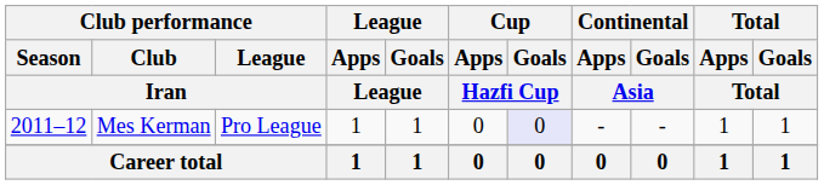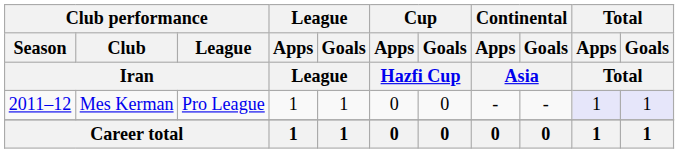 <table class="wikitable" style="text-align:center">
 <tr>
 <th colspan=3>Club performance</th>
 <th colspan=2>League</th>
 <th colspan=2>Cup</th>
 <th colspan=2>Continental</th>
 <th colspan=2>Total</th>
 </tr>
 <tr>
 <th>Season</th>
 <th>Club</th>
 <th>League</th>
 <th>Apps</th>
 <th>Goals</th>
 <th>Apps</th>
 <th>Goals</th>
 <th>Apps</th>
 <th>Goals</th>
 <th>Apps</th>
 <th>Goals</th>
 </tr>
 <tr>
 <th colspan=3>Iran</th>
 <th colspan=2>League</th>
 <th colspan=2><a href='#'>Hazfi Cup</a></th>
 <th colspan=2><a href='#'>Asia</a></th>
 <th colspan=2>Total</th>
 </tr>
 <tr>
 <td><a href='#'>2011–12</a></td>
 <td rowspan="1"><a href='#'>Mes Kerman</a></td>
 <td rowspan="1"><a href='#'>Pro League</a></td>
 <td>1</td>
 <td>1</td>
 <td>0</td>
-<td style="background: lavender;">0</td>
+<td>0</td>
 <td>-</td>
 <td>-</td>
-<td>1</td>
-<td>1</td>
+<td style="background: lavender;">1</td>
+<td style="background: lavender;">1</td>
 </tr>
 <tr>
 </tr>
 <tr>
 <th colspan=3>Career total</th>
 <th>1</th>
 <th>1</th>
 <th>0</th>
 <th>0</th>
 <th>0</th>
 <th>0</th>
 <th>1</th>
 <th>1</th>
 </tr>
 </table>
